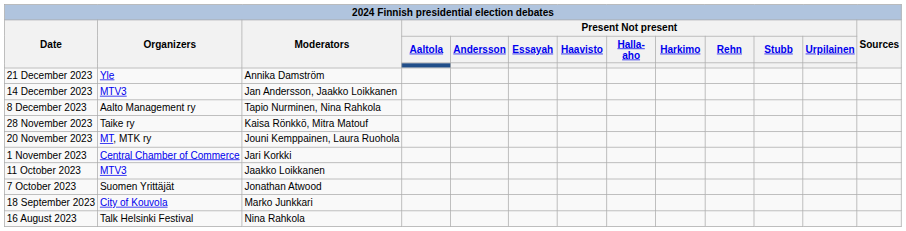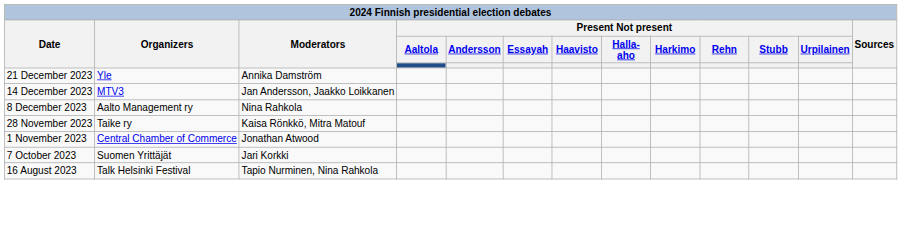 <table class="wikitable collapsible" style="font-size:85%;text-align:center;">
 <tr>
 <th style="background:#B0C4DE;" colspan="13">2024 Finnish presidential election debates</th>
 </tr>
 <tr>
 <th style="white-space:nowrap;" rowspan="3">Date</th>
 <th rowspan="3">Organizers</th>
 <th rowspan="3">Moderators</th>
 <th scope="col" colspan="9"> Present  Not present</th>
 <th rowspan="3">Sources</th>
 </tr>
 <tr>
 <th scope="col" style="width:60px;"><a href='#'>Aaltola</a></th>
 <th scope="col" style="width:60px;"><a href='#'>Andersson</a></th>
 <th scope="col" style="width:60px;"><a href='#'>Essayah</a></th>
 <th scope="col" style="width:60px;"><a href='#'>Haavisto</a></th>
 <th scope="col" style="width:60px;"><a href='#'>Halla-aho</a></th>
 <th scope="col" style="width:60px;"><a href='#'>Harkimo</a></th>
 <th scope="col" style="width:60px;"><a href='#'>Rehn</a></th>
 <th scope="col" style="width:60px;"><a href='#'>Stubb</a></th>
 <th scope="col" style="width:60px;"><a href='#'>Urpilainen</a></th>
 </tr>
 <tr>
 <th style="background:#214E89;"></th>
 <th style="background:"></th>
 <th style="background:"></th>
 <th style="background:"></th>
 <th style="background:"></th>
 <th style="background:"></th>
 <th style="background:"></th>
 <th style="background:"></th>
 <th style="background:"></th>
 </tr>
 <tr>
 <td style="white-space:nowrap;text-align:left;">21 December 2023</td>
 <td style="white-space:nowrap;text-align:left;"><a href='#'>Yle</a></td>
 <td style="white-space:nowrap;text-align:left;">Annika Damström</td>
 <td></td>
 <td></td>
 <td></td>
 <td></td>
 <td></td>
 <td></td>
 <td></td>
 <td></td>
 <td></td>
 <td></td>
 </tr>
 <tr>
 <td style="white-space:nowrap;text-align:left;">14 December 2023</td>
 <td style="white-space:nowrap;text-align:left;"><a href='#'>MTV3</a></td>
 <td style="white-space:nowrap;text-align:left;">Jan Andersson, Jaakko Loikkanen</td>
 <td></td>
 <td></td>
 <td></td>
 <td></td>
 <td></td>
 <td></td>
 <td></td>
 <td></td>
 <td></td>
 <td></td>
 </tr>
 <tr>
 <td style="white-space:nowrap;text-align:left;">8 December 2023</td>
 <td style="white-space:nowrap;text-align:left;">Aalto Management ry</td>
-<td style="white-space:nowrap;text-align:left;">Tapio Nurminen, Nina Rahkola</td>
+<td style="white-space:nowrap;text-align:left;">Nina Rahkola</td>
 <td></td>
 <td></td>
 <td></td>
 <td></td>
 <td></td>
 <td></td>
 <td></td>
 <td></td>
 <td></td>
 <td></td>
 </tr>
 <tr>
 <td style="white-space:nowrap;text-align:left;">28 November 2023</td>
 <td style="white-space:nowrap;text-align:left;">Taike ry</td>
 <td style="white-space:nowrap;text-align:left;">Kaisa Rönkkö, Mitra Matouf</td>
 <td></td>
 <td></td>
 <td></td>
 <td></td>
 <td></td>
 <td></td>
 <td></td>
 <td></td>
 <td></td>
 <td></td>
 </tr>
 <tr>
-<td style="white-space:nowrap;text-align:left;">20 November 2023</td>
-<td style="white-space:nowrap;text-align:left;"><a href='#'>MT</a>, MTK ry</td>
-<td style="white-space:nowrap;text-align:left;">Jouni Kemppainen, Laura Ruohola</td>
-<td></td>
-<td></td>
-<td></td>
-<td></td>
-<td></td>
-<td></td>
-<td></td>
-<td></td>
-<td></td>
-<td></td>
-</tr>
-<tr>
 <td style="white-space:nowrap;text-align:left;">1 November 2023</td>
 <td style="white-space:nowrap;text-align:left;"><a href='#'>Central Chamber of Commerce</a></td>
-<td style="white-space:nowrap;text-align:left;">Jari Korkki</td>
-<td></td>
-<td></td>
-<td></td>
-<td></td>
-<td></td>
-<td></td>
-<td></td>
-<td></td>
-<td></td>
-<td></td>
-</tr>
-<tr>
-<td style="white-space:nowrap;text-align:left;">11 October 2023</td>
-<td style="white-space:nowrap;text-align:left;"><a href='#'>MTV3</a></td>
-<td style="white-space:nowrap;text-align:left;">Jaakko Loikkanen</td>
+<td style="white-space:nowrap;text-align:left;">Jonathan Atwood</td>
 <td></td>
 <td></td>
 <td></td>
 <td></td>
 <td></td>
 <td></td>
 <td></td>
 <td></td>
 <td></td>
 <td></td>
 </tr>
 <tr>
 <td style="white-space:nowrap;text-align:left;">7 October 2023</td>
 <td style="white-space:nowrap;text-align:left;">Suomen Yrittäjät</td>
-<td style="white-space:nowrap;text-align:left;">Jonathan Atwood</td>
-<td></td>
-<td></td>
-<td></td>
-<td></td>
-<td></td>
-<td></td>
-<td></td>
-<td></td>
-<td></td>
-<td></td>
-</tr>
-<tr>
-<td style="white-space:nowrap;text-align:left;">18 September 2023</td>
-<td style="white-space:nowrap;text-align:left;"><a href='#'>City of Kouvola</a></td>
-<td style="white-space:nowrap;text-align:left;">Marko Junkkari</td>
+<td style="white-space:nowrap;text-align:left;">Jari Korkki</td>
 <td></td>
 <td></td>
 <td></td>
 <td></td>
 <td></td>
 <td></td>
 <td></td>
 <td></td>
 <td></td>
 <td></td>
 </tr>
 <tr>
 <td style="white-space:nowrap;text-align:left;">16 August 2023</td>
 <td style="white-space:nowrap;text-align:left;">Talk Helsinki Festival</td>
-<td style="white-space:nowrap;text-align:left;">Nina Rahkola</td>
+<td style="white-space:nowrap;text-align:left;">Tapio Nurminen, Nina Rahkola</td>
 <td></td>
 <td></td>
 <td></td>
 <td></td>
 <td></td>
 <td></td>
 <td></td>
 <td></td>
 <td></td>
 <td></td>
 </tr>
 </table>
